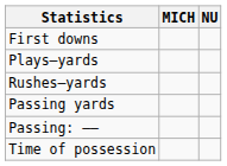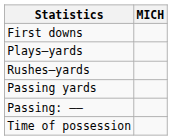 <table class="wikitable" style="float:left">
 <tr>
 <th>Statistics</th>
 <th>MICH</th>
-<th>NU</th>
 </tr>
 <tr>
 <td>First downs</td>
-<td></td>
 <td></td>
 </tr>
 <tr>
 <td>Plays–yards</td>
 <td></td>
-<td></td>
 </tr>
 <tr>
 <td>Rushes–yards</td>
-<td></td>
 <td></td>
 </tr>
 <tr>
 <td>Passing yards</td>
 <td></td>
-<td></td>
 </tr>
 <tr>
 <td>Passing: ––</td>
-<td></td>
 <td></td>
 </tr>
 <tr>
 <td>Time of possession</td>
 <td></td>
-<td></td>
 </tr>
 </table>
